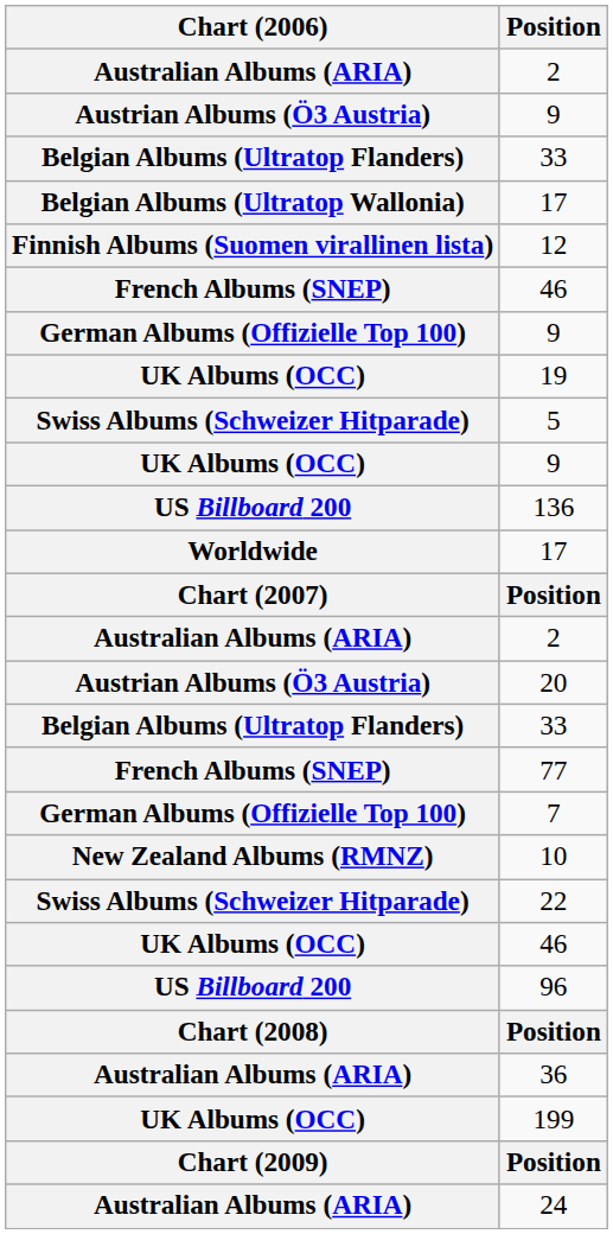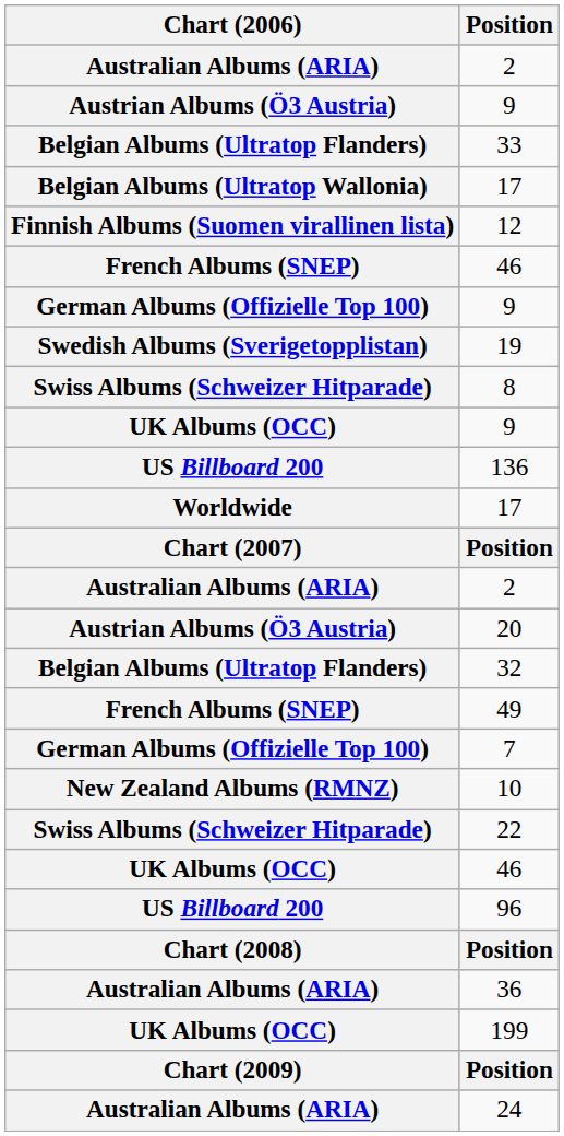 <table class="wikitable sortable plainrowheaders" style="text-align:center;">
 <tr>
 <th scope="col">Chart (2006)</th>
 <th scope="col">Position</th>
 </tr>
 <tr>
 <th scope="row">Australian Albums (<a href='#'>ARIA</a>)</th>
 <td style="text-align:center;">2</td>
 </tr>
 <tr>
 <th scope="row">Austrian Albums (<a href='#'>Ö3 Austria</a>)</th>
 <td style="text-align:center;">9</td>
 </tr>
 <tr>
 <th scope="row">Belgian Albums (<a href='#'>Ultratop</a> Flanders)</th>
 <td style="text-align:center;">33</td>
 </tr>
 <tr>
 <th scope="row">Belgian Albums (<a href='#'>Ultratop</a> Wallonia)</th>
 <td style="text-align:center;">17</td>
 </tr>
 <tr>
 <th scope="row">Finnish Albums (<a href='#'>Suomen virallinen lista</a>)</th>
 <td style="text-align:center;">12</td>
 </tr>
 <tr>
 <th scope="row">French Albums (<a href='#'>SNEP</a>)</th>
 <td style="text-align:center;">46</td>
 </tr>
 <tr>
 <th scope="row">German Albums (<a href='#'>Offizielle Top 100</a>)</th>
 <td style="text-align:center;">9</td>
 </tr>
 <tr>
-<th scope="row">UK Albums (<a href='#'>OCC</a>)</th>
+<th scope="row">Swedish Albums (<a href='#'>Sverigetopplistan</a>)</th>
 <td style="text-align:center;">19</td>
 </tr>
 <tr>
 <th scope="row">Swiss Albums (<a href='#'>Schweizer Hitparade</a>)</th>
-<td style="text-align:center;">5</td>
+<td style="text-align:center;">8</td>
 </tr>
 <tr>
 <th scope="row">UK Albums (<a href='#'>OCC</a>)</th>
 <td style="text-align:center;">9</td>
 </tr>
 <tr>
 <th scope="row">US <a href='#'><em>Billboard</em> 200</a></th>
 <td style="text-align:center;">136</td>
 </tr>
 <tr>
 <th scope="row">Worldwide</th>
 <td style="text-align:center;">17</td>
 </tr>
 <tr>
 <th scope="col">Chart (2007)</th>
 <th scope="col">Position</th>
 </tr>
 <tr>
 <th scope="row">Australian Albums (<a href='#'>ARIA</a>)</th>
 <td style="text-align:center;">2</td>
 </tr>
 <tr>
 <th scope="row">Austrian Albums (<a href='#'>Ö3 Austria</a>)</th>
 <td style="text-align:center;">20</td>
 </tr>
 <tr>
 <th scope="row">Belgian Albums (<a href='#'>Ultratop</a> Flanders)</th>
-<td style="text-align:center;">33</td>
+<td style="text-align:center;">32</td>
 </tr>
 <tr>
 <th scope="row">French Albums (<a href='#'>SNEP</a>)</th>
-<td style="text-align:center;">77</td>
+<td style="text-align:center;">49</td>
 </tr>
 <tr>
 <th scope="row">German Albums (<a href='#'>Offizielle Top 100</a>)</th>
 <td style="text-align:center;">7</td>
 </tr>
 <tr>
 <th scope="row">New Zealand Albums (<a href='#'>RMNZ</a>)</th>
 <td style="text-align:center;">10</td>
 </tr>
 <tr>
 <th scope="row">Swiss Albums (<a href='#'>Schweizer Hitparade</a>)</th>
 <td style="text-align:center;">22</td>
 </tr>
 <tr>
 <th scope="row">UK Albums (<a href='#'>OCC</a>)</th>
 <td style="text-align:center;">46</td>
 </tr>
 <tr>
 <th scope="row">US <a href='#'><em>Billboard</em> 200</a></th>
 <td style="text-align:center;">96</td>
 </tr>
 <tr>
 <th scope="col">Chart (2008)</th>
 <th scope="col">Position</th>
 </tr>
 <tr>
 <th scope="row">Australian Albums (<a href='#'>ARIA</a>)</th>
 <td style="text-align:center;">36</td>
 </tr>
 <tr>
 <th scope="row">UK Albums (<a href='#'>OCC</a>)</th>
 <td style="text-align:center;">199</td>
 </tr>
 <tr>
 <th scope="col">Chart (2009)</th>
 <th scope="col">Position</th>
 </tr>
 <tr>
 <th scope="row">Australian Albums (<a href='#'>ARIA</a>)</th>
 <td style="text-align:center;">24</td>
 </tr>
 </table>
